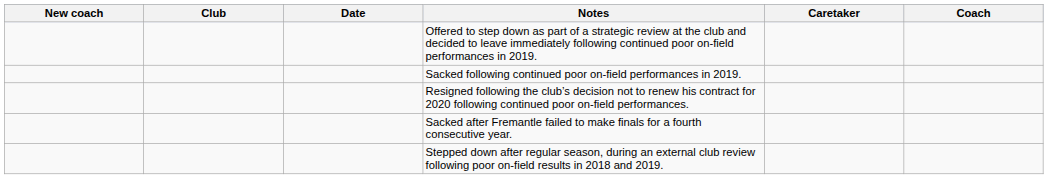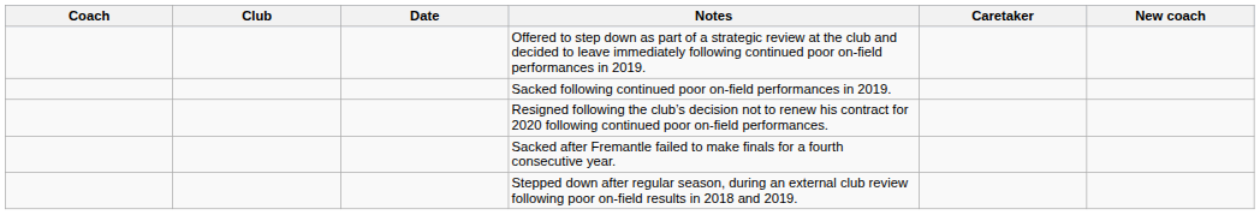 <table class="wikitable plainrowheaders sortable" style="text-align:left;">
 <tr style="background:#C1D8FF;">
-<th scope="col" style="width:12em">New coach</th>
+<th scope="col" style="width:12em">Coach</th>
 <th scope="col" style="width:12em">Club</th>
 <th scope="col" style="width:12em">Date</th>
 <th scope="col" style="width:30em">Notes</th>
 <th scope="col" style="width:12em">Caretaker</th>
-<th scope="col" style="width:12em">Coach</th>
+<th scope="col" style="width:12em">New coach</th>
 </tr>
 <tr>
 <td></td>
 <td></td>
 <td></td>
 <td>Offered to step down as part of a strategic review at the club and decided to leave immediately following continued poor on-field performances in 2019.</td>
 <td></td>
 <td></td>
 </tr>
 <tr>
 <td></td>
 <td></td>
 <td></td>
 <td>Sacked following continued poor on-field performances in 2019.</td>
 <td></td>
 <td></td>
 </tr>
 <tr>
 <td></td>
 <td></td>
 <td></td>
 <td>Resigned following the club’s decision not to renew his contract for 2020 following continued poor on-field performances.</td>
 <td></td>
 <td></td>
 </tr>
 <tr>
 <td></td>
 <td></td>
 <td></td>
 <td>Sacked after Fremantle failed to make finals for a fourth consecutive year.</td>
 <td></td>
 <td></td>
 </tr>
 <tr>
 <td></td>
 <td></td>
 <td></td>
 <td>Stepped down after regular season, during an external club review following poor on-field results in 2018 and 2019.</td>
 <td></td>
 <td></td>
 </tr>
 </table>
